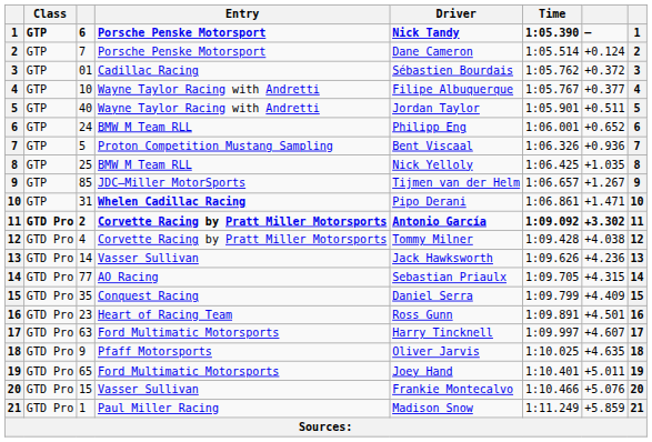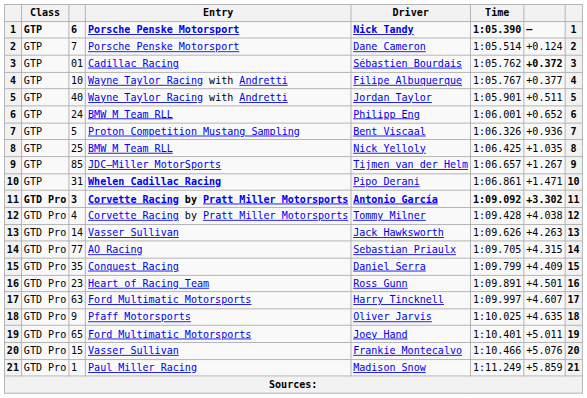 <table class="wikitable" style="font-size: 90%;">
 <tr>
 <th></th>
 <th>Class</th>
 <th></th>
 <th>Entry</th>
 <th>Driver</th>
 <th>Time</th>
 <th></th>
 <th></th>
 </tr>
 <tr style="font-weight:bold">
 <th>1</th>
 <td>GTP</td>
 <td>6</td>
 <td> <a href='#'>Porsche Penske Motorsport</a></td>
 <td> <a href='#'>Nick Tandy</a></td>
 <td>1:05.390</td>
 <td>—</td>
 <th>1</th>
 </tr>
 <tr>
 <th>2</th>
 <td>GTP</td>
 <td>7</td>
 <td> <a href='#'>Porsche Penske Motorsport</a></td>
 <td> <a href='#'>Dane Cameron</a></td>
 <td>1:05.514</td>
 <td>+0.124</td>
 <th>2</th>
 </tr>
 <tr>
 <th>3</th>
 <td>GTP</td>
 <td>01</td>
 <td> <a href='#'>Cadillac Racing</a></td>
 <td> <a href='#'>Sébastien Bourdais</a></td>
 <td>1:05.762</td>
-<td>+0.372</td>
+<td><strong>+0.372</strong></td>
 <th>3</th>
 </tr>
 <tr>
 <th>4</th>
 <td>GTP</td>
 <td>10</td>
 <td> <a href='#'>Wayne Taylor Racing</a> with <a href='#'>Andretti</a></td>
 <td> <a href='#'>Filipe Albuquerque</a></td>
 <td>1:05.767</td>
 <td>+0.377</td>
 <th>4</th>
 </tr>
 <tr>
 <th>5</th>
 <td>GTP</td>
 <td>40</td>
 <td> <a href='#'>Wayne Taylor Racing</a> with <a href='#'>Andretti</a></td>
 <td> <a href='#'>Jordan Taylor</a></td>
 <td>1:05.901</td>
 <td>+0.511</td>
 <th>5</th>
 </tr>
 <tr>
 <th>6</th>
 <td>GTP</td>
 <td>24</td>
 <td> <a href='#'>BMW M Team RLL</a></td>
 <td> <a href='#'>Philipp Eng</a></td>
 <td>1:06.001</td>
 <td>+0.652</td>
 <th>6</th>
 </tr>
 <tr>
 <th>7</th>
 <td>GTP</td>
 <td>5</td>
 <td> <a href='#'>Proton Competition Mustang Sampling</a></td>
 <td> <a href='#'>Bent Viscaal</a></td>
 <td>1:06.326</td>
 <td>+0.936</td>
 <th>7</th>
 </tr>
 <tr>
 <th>8</th>
 <td>GTP</td>
 <td>25</td>
 <td> <a href='#'>BMW M Team RLL</a></td>
 <td> <a href='#'>Nick Yelloly</a></td>
 <td>1:06.425</td>
 <td>+1.035</td>
 <th>8</th>
 </tr>
 <tr>
 <th>9</th>
 <td>GTP</td>
 <td>85</td>
 <td> <a href='#'>JDC–Miller MotorSports</a></td>
 <td> <a href='#'>Tijmen van der Helm</a></td>
 <td>1:06.657</td>
 <td>+1.267</td>
 <th>9</th>
 </tr>
 <tr>
 <th>10</th>
 <td>GTP</td>
 <td>31</td>
 <td><strong> <a href='#'>Whelen Cadillac Racing</a></strong></td>
 <td> <a href='#'>Pipo Derani</a></td>
 <td>1:06.861</td>
 <td>+1.471</td>
 <th>10</th>
 </tr>
 <tr style="font-weight:bold">
 <th>11</th>
 <td>GTD Pro</td>
-<td>2</td>
+<td>3</td>
 <td> <a href='#'>Corvette Racing</a> by <a href='#'>Pratt Miller Motorsports</a></td>
 <td> <a href='#'>Antonio García</a></td>
 <td>1:09.092</td>
 <td>+3.302</td>
 <th>11</th>
 </tr>
 <tr>
 <th>12</th>
 <td>GTD Pro</td>
 <td>4</td>
 <td> <a href='#'>Corvette Racing</a> by <a href='#'>Pratt Miller Motorsports</a></td>
 <td> <a href='#'>Tommy Milner</a></td>
 <td>1:09.428</td>
 <td>+4.038</td>
 <th>12</th>
 </tr>
 <tr>
 <th>13</th>
 <td>GTD Pro</td>
 <td>14</td>
 <td> <a href='#'>Vasser Sullivan</a></td>
 <td> <a href='#'>Jack Hawksworth</a></td>
 <td>1:09.626</td>
-<td>+4.236</td>
+<td>+4.263</td>
 <th>13</th>
 </tr>
 <tr>
 <th>14</th>
 <td>GTD Pro</td>
 <td>77</td>
 <td> <a href='#'>AO Racing</a></td>
 <td> <a href='#'>Sebastian Priaulx</a></td>
 <td>1:09.705</td>
 <td>+4.315</td>
 <th>14</th>
 </tr>
 <tr>
 <th>15</th>
 <td>GTD Pro</td>
 <td>35</td>
 <td> <a href='#'>Conquest Racing</a></td>
 <td> <a href='#'>Daniel Serra</a></td>
 <td>1:09.799</td>
 <td>+4.409</td>
 <th>15</th>
 </tr>
 <tr>
 <th>16</th>
 <td>GTD Pro</td>
 <td>23</td>
 <td> <a href='#'>Heart of Racing Team</a></td>
 <td> <a href='#'>Ross Gunn</a></td>
 <td>1:09.891</td>
 <td>+4.501</td>
 <th>16</th>
 </tr>
 <tr>
 <th>17</th>
 <td>GTD Pro</td>
 <td>63</td>
 <td> <a href='#'>Ford Multimatic Motorsports</a></td>
 <td> <a href='#'>Harry Tincknell</a></td>
 <td>1:09.997</td>
 <td>+4.607</td>
 <th>17</th>
 </tr>
 <tr>
 <th>18</th>
 <td>GTD Pro</td>
 <td>9</td>
 <td> <a href='#'>Pfaff Motorsports</a></td>
 <td> <a href='#'>Oliver Jarvis</a></td>
 <td>1:10.025</td>
 <td>+4.635</td>
 <th>18</th>
 </tr>
 <tr>
 <th>19</th>
 <td>GTD Pro</td>
 <td>65</td>
 <td> <a href='#'>Ford Multimatic Motorsports</a></td>
 <td> <a href='#'>Joey Hand</a></td>
 <td>1:10.401</td>
 <td>+5.011</td>
 <th>19</th>
 </tr>
 <tr>
 <th>20</th>
 <td>GTD Pro</td>
 <td>15</td>
 <td> <a href='#'>Vasser Sullivan</a></td>
 <td> <a href='#'>Frankie Montecalvo</a></td>
 <td>1:10.466</td>
 <td>+5.076</td>
 <th>20</th>
 </tr>
 <tr>
 <th>21</th>
 <td>GTD Pro</td>
 <td>1</td>
 <td> <a href='#'>Paul Miller Racing</a></td>
 <td> <a href='#'>Madison Snow</a></td>
 <td>1:11.249</td>
 <td>+5.859</td>
 <th>21</th>
 </tr>
 <tr>
 <th colspan="8">Sources:</th>
 </tr>
 </table>
